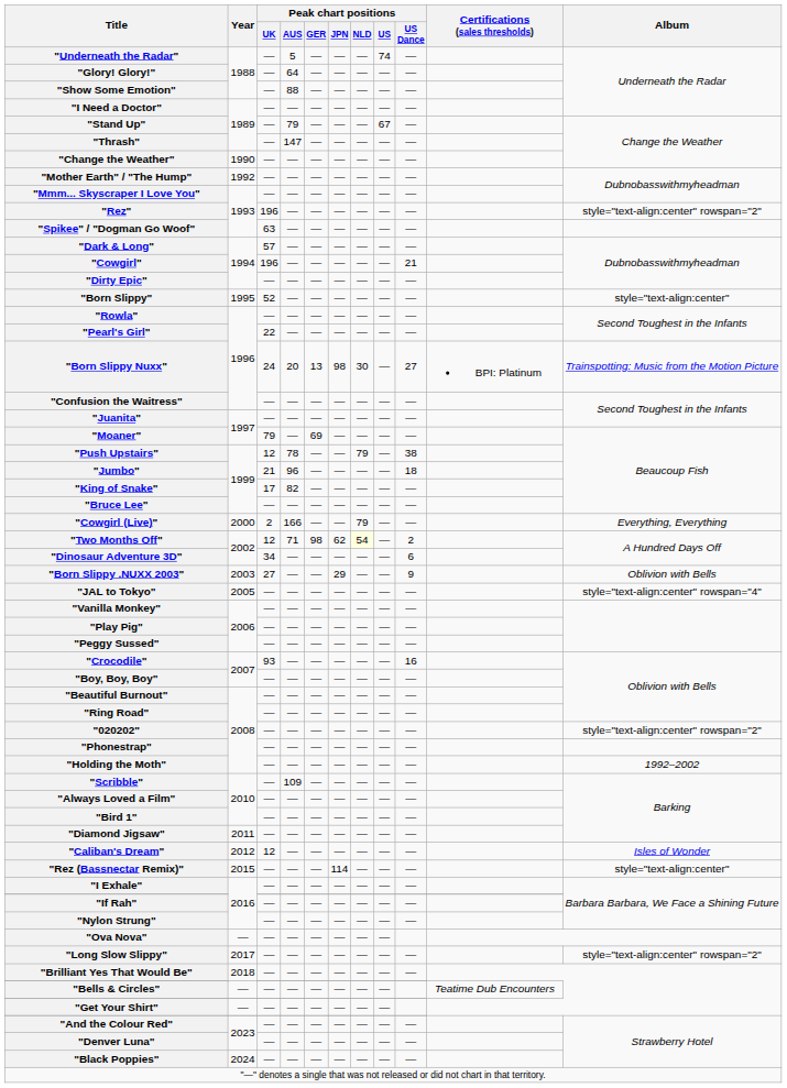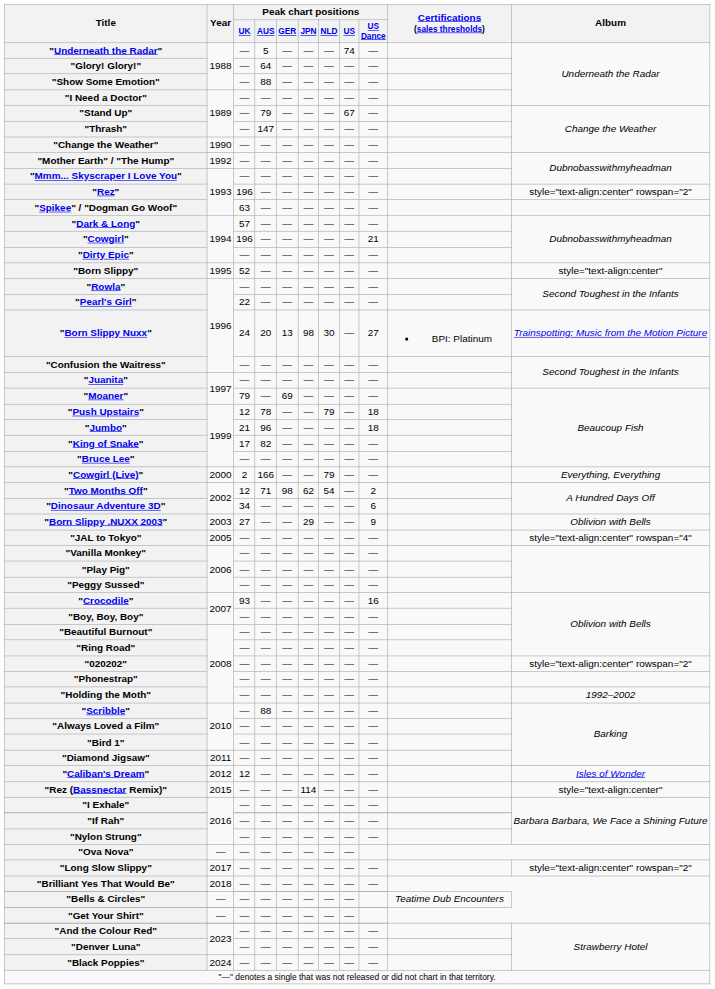 <table class="wikitable plainrowheaders" style="text-align:center;">
 <tr>
 <th scope="col" style="width:20em;" rowspan="2">Title</th>
 <th scope="col" rowspan="2">Year</th>
 <th colspan="7">Peak chart positions</th>
 <th rowspan="2" style="width:12em;"><a href='#'>Certifications</a><br><small>(<a href='#'>sales thresholds</a>)</small></th>
 <th rowspan="2">Album</th>
 </tr>
 <tr style=font-size:smaller>
 <th width="25"><a href='#'>UK</a><br></th>
 <th width="25"><a href='#'>AUS</a><br></th>
 <th width="25"><a href='#'>GER</a><br></th>
 <th width="25"><a href='#'>JPN</a></th>
 <th width="25"><a href='#'>NLD</a><br></th>
 <th width="25"><a href='#'>US</a><br></th>
 <th width="25"><a href='#'>US Dance</a><br></th>
 </tr>
 <tr>
 <th scope="row">"<a href='#'>Underneath the Radar</a>"</th>
 <td rowspan="3">1988</td>
 <td>—</td>
 <td>5</td>
 <td>—</td>
 <td>—</td>
 <td>—</td>
 <td>74</td>
 <td>—</td>
 <td></td>
 <td style="text-align:center" rowspan="4"><em>Underneath the Radar</em></td>
 </tr>
 <tr>
 <th scope="row">"Glory! Glory!"</th>
 <td>—</td>
 <td>64</td>
 <td>—</td>
 <td>—</td>
 <td>—</td>
 <td>—</td>
 <td>—</td>
 <td></td>
 </tr>
 <tr>
 <th scope="row">"Show Some Emotion"</th>
 <td>—</td>
 <td>88</td>
 <td>—</td>
 <td>—</td>
 <td>—</td>
 <td>—</td>
 <td>—</td>
 <td></td>
 </tr>
 <tr>
 <th scope="row">"I Need a Doctor"</th>
 <td style="text-align:center" rowspan="3">1989</td>
 <td>—</td>
 <td>—</td>
 <td>—</td>
 <td>—</td>
 <td>—</td>
 <td>—</td>
 <td>—</td>
 <td></td>
 </tr>
 <tr>
 <th scope="row">"Stand Up"</th>
 <td>—</td>
 <td>79</td>
 <td>—</td>
 <td>—</td>
 <td>—</td>
 <td>67</td>
 <td>—</td>
 <td></td>
 <td style="text-align:center" rowspan="3"><em>Change the Weather</em></td>
 </tr>
 <tr>
 <th scope="row">"Thrash"</th>
 <td>—</td>
 <td>147</td>
 <td>—</td>
 <td>—</td>
 <td>—</td>
 <td>—</td>
 <td>—</td>
 <td></td>
 </tr>
 <tr>
 <th scope="row">"Change the Weather"</th>
 <td>1990</td>
 <td>—</td>
 <td>—</td>
 <td>—</td>
 <td>—</td>
 <td>—</td>
 <td>—</td>
 <td>—</td>
 <td></td>
 </tr>
 <tr>
 <th scope="row">"Mother Earth" / "The Hump"</th>
 <td>1992</td>
 <td>—</td>
 <td>—</td>
 <td>—</td>
 <td>—</td>
 <td>—</td>
 <td>—</td>
 <td>—</td>
 <td></td>
 <td style="text-align:center" rowspan="2"><em>Dubnobasswithmyheadman</em></td>
 </tr>
 <tr>
 <th scope="row">"<a href='#'>Mmm... Skyscraper I Love You</a>"</th>
 <td rowspan="3">1993</td>
 <td>—</td>
 <td>—</td>
 <td>—</td>
 <td>—</td>
 <td>—</td>
 <td>—</td>
 <td>—</td>
 <td></td>
 </tr>
 <tr>
 <th scope="row">"<a href='#'>Rez</a>"</th>
 <td>196</td>
 <td>—</td>
 <td>—</td>
 <td>—</td>
 <td>—</td>
 <td>—</td>
 <td>—</td>
 <td></td>
 <td>style="text-align:center" rowspan="2" </td>
 </tr>
 <tr>
 <th scope="row">"<a href='#'>Spikee</a>" / "Dogman Go Woof"</th>
 <td>63</td>
 <td>—</td>
 <td>—</td>
 <td>—</td>
 <td>—</td>
 <td>—</td>
 <td>—</td>
 <td></td>
 </tr>
 <tr>
 <th scope="row">"<a href='#'>Dark & Long</a>"</th>
 <td rowspan="3">1994</td>
 <td>57</td>
 <td>—</td>
 <td>—</td>
 <td>—</td>
 <td>—</td>
 <td>—</td>
 <td>—</td>
 <td></td>
 <td style="text-align:center" rowspan="3"><em>Dubnobasswithmyheadman</em></td>
 </tr>
 <tr>
 <th scope="row">"<a href='#'>Cowgirl</a>"</th>
 <td>196</td>
 <td>—</td>
 <td>—</td>
 <td>—</td>
 <td>—</td>
 <td>—</td>
 <td>21</td>
 <td></td>
 </tr>
 <tr>
 <th scope="row">"<a href='#'>Dirty Epic</a>"</th>
 <td>—</td>
 <td>—</td>
 <td>—</td>
 <td>—</td>
 <td>—</td>
 <td>—</td>
 <td>—</td>
 <td></td>
 </tr>
 <tr>
 <th scope="row">"Born Slippy"</th>
 <td style="text-align:center">1995</td>
 <td>52</td>
 <td>—</td>
 <td>—</td>
 <td>—</td>
 <td>—</td>
 <td>—</td>
 <td>—</td>
 <td></td>
 <td>style="text-align:center" </td>
 </tr>
 <tr>
 <th scope="row">"<a href='#'>Rowla</a>"</th>
 <td rowspan="4">1996</td>
 <td>—</td>
 <td>—</td>
 <td>—</td>
 <td>—</td>
 <td>—</td>
 <td>—</td>
 <td>—</td>
 <td></td>
 <td style="text-align:center" rowspan="2"><em>Second Toughest in the Infants</em></td>
 </tr>
 <tr>
 <th scope="row">"<a href='#'>Pearl's Girl</a>"</th>
 <td>22</td>
 <td>—</td>
 <td>—</td>
 <td>—</td>
 <td>—</td>
 <td>—</td>
 <td>—</td>
 <td></td>
 </tr>
 <tr>
 <th scope="row">"<a href='#'>Born Slippy Nuxx</a>"</th>
 <td>24</td>
 <td>20</td>
 <td>13</td>
 <td>98</td>
 <td>30</td>
 <td>—</td>
 <td>27</td>
 <td><br><ul><li>BPI: Platinum</li></ul></td>
 <td style="text-align:center"><em><a href='#'>Trainspotting: Music from the Motion Picture</a></em></td>
 </tr>
 <tr>
 <th scope="row">"Confusion the Waitress"</th>
 <td>—</td>
 <td>—</td>
 <td>—</td>
 <td>—</td>
 <td>—</td>
 <td>—</td>
 <td>—</td>
 <td></td>
 <td style="text-align:center" rowspan="2"><em>Second Toughest in the Infants</em></td>
 </tr>
 <tr>
 <th scope="row">"<a href='#'>Juanita</a>"</th>
 <td rowspan="2">1997</td>
 <td>—</td>
 <td>—</td>
 <td>—</td>
 <td>—</td>
 <td>—</td>
 <td>—</td>
 <td>—</td>
 <td></td>
 </tr>
 <tr>
 <th scope="row">"<a href='#'>Moaner</a>"</th>
 <td>79</td>
 <td>—</td>
 <td>69</td>
 <td>—</td>
 <td>—</td>
 <td>—</td>
 <td>—</td>
 <td></td>
 <td style="text-align:center" rowspan="5"><em>Beaucoup Fish</em></td>
 </tr>
 <tr>
 <th scope="row">"<a href='#'>Push Upstairs</a>"</th>
 <td rowspan="4">1999</td>
 <td>12</td>
 <td>78</td>
 <td>—</td>
 <td>—</td>
 <td>79</td>
 <td>—</td>
-<td>38</td>
+<td>18</td>
 <td></td>
 </tr>
 <tr>
 <th scope="row">"<a href='#'>Jumbo</a>"</th>
 <td>21</td>
 <td>96</td>
 <td>—</td>
 <td>—</td>
 <td>—</td>
 <td>—</td>
 <td>18</td>
 <td></td>
 </tr>
 <tr>
 <th scope="row">"<a href='#'>King of Snake</a>"</th>
 <td>17</td>
 <td>82</td>
 <td>—</td>
 <td>—</td>
 <td>—</td>
 <td>—</td>
 <td>—</td>
 <td></td>
 </tr>
 <tr>
 <th scope="row">"<a href='#'>Bruce Lee</a>"</th>
 <td>—</td>
 <td>—</td>
 <td>—</td>
 <td>—</td>
 <td>—</td>
 <td>—</td>
 <td>—</td>
 <td></td>
 </tr>
 <tr>
 <th scope="row">"<a href='#'>Cowgirl (Live)</a>"</th>
 <td>2000</td>
 <td>2</td>
 <td>166</td>
 <td>—</td>
 <td>—</td>
 <td>79</td>
 <td>—</td>
 <td>—</td>
 <td></td>
 <td style="text-align:center"><em>Everything, Everything</em></td>
 </tr>
 <tr>
 <th scope="row">"<a href='#'>Two Months Off</a>"</th>
 <td rowspan="2">2002</td>
 <td>12</td>
 <td>71</td>
 <td>98</td>
 <td>62</td>
-<td style="background: lightyellow;">54</td>
+<td>54</td>
 <td>—</td>
 <td>2</td>
 <td></td>
 <td style="text-align:center" rowspan="2"><em>A Hundred Days Off</em></td>
 </tr>
 <tr>
 <th scope="row">"<a href='#'>Dinosaur Adventure 3D</a>"</th>
 <td>34</td>
 <td>—</td>
 <td>—</td>
 <td>—</td>
 <td>—</td>
 <td>—</td>
 <td>6</td>
 <td></td>
 </tr>
 <tr>
 <th scope="row">"<a href='#'>Born Slippy .NUXX 2003</a>"</th>
 <td>2003</td>
 <td>27</td>
 <td>—</td>
 <td>—</td>
 <td>29</td>
 <td>—</td>
 <td>—</td>
 <td>9</td>
 <td></td>
 <td style="text-align:center"><em>Oblivion with Bells</em></td>
 </tr>
 <tr>
 <th scope="row">"JAL to Tokyo"</th>
 <td>2005</td>
 <td>—</td>
 <td>—</td>
 <td>—</td>
 <td>—</td>
 <td>—</td>
 <td>—</td>
 <td>—</td>
 <td></td>
 <td>style="text-align:center" rowspan="4" </td>
 </tr>
 <tr>
 <th scope="row">"Vanilla Monkey"</th>
 <td rowspan="3">2006</td>
 <td>—</td>
 <td>—</td>
 <td>—</td>
 <td>—</td>
 <td>—</td>
 <td>—</td>
 <td>—</td>
 <td></td>
 </tr>
 <tr>
 <th scope="row">"Play Pig"</th>
 <td>—</td>
 <td>—</td>
 <td>—</td>
 <td>—</td>
 <td>—</td>
 <td>—</td>
 <td>—</td>
 <td></td>
 </tr>
 <tr>
 <th scope="row">"Peggy Sussed"</th>
 <td>—</td>
 <td>—</td>
 <td>—</td>
 <td>—</td>
 <td>—</td>
 <td>—</td>
 <td>—</td>
 <td></td>
 </tr>
 <tr>
 <th scope="row">"<a href='#'>Crocodile</a>"</th>
 <td rowspan="2">2007</td>
 <td>93</td>
 <td>—</td>
 <td>—</td>
 <td>—</td>
 <td>—</td>
 <td>—</td>
 <td>16</td>
 <td></td>
 <td style="text-align:center" rowspan="4"><em>Oblivion with Bells</em></td>
 </tr>
 <tr>
 <th scope="row">"Boy, Boy, Boy"</th>
 <td>—</td>
 <td>—</td>
 <td>—</td>
 <td>—</td>
 <td>—</td>
 <td>—</td>
 <td>—</td>
 <td></td>
 </tr>
 <tr>
 <th scope="row">"Beautiful Burnout"</th>
 <td rowspan="5">2008</td>
 <td>—</td>
 <td>—</td>
 <td>—</td>
 <td>—</td>
 <td>—</td>
 <td>—</td>
 <td>—</td>
 <td></td>
 </tr>
 <tr>
 <th scope="row">"Ring Road"</th>
 <td>—</td>
 <td>—</td>
 <td>—</td>
 <td>—</td>
 <td>—</td>
 <td>—</td>
 <td>—</td>
 <td></td>
 </tr>
 <tr>
 <th scope="row">"020202"</th>
 <td>—</td>
 <td>—</td>
 <td>—</td>
 <td>—</td>
 <td>—</td>
 <td>—</td>
 <td>—</td>
 <td></td>
 <td>style="text-align:center" rowspan="2" </td>
 </tr>
 <tr>
 <th scope="row">"Phonestrap"</th>
 <td>—</td>
 <td>—</td>
 <td>—</td>
 <td>—</td>
 <td>—</td>
 <td>—</td>
 <td>—</td>
 <td></td>
 </tr>
 <tr>
 <th scope="row">"Holding the Moth"</th>
 <td>—</td>
 <td>—</td>
 <td>—</td>
 <td>—</td>
 <td>—</td>
 <td>—</td>
 <td>—</td>
 <td></td>
 <td style="text-align:center"><em>1992–2002</em></td>
 </tr>
 <tr>
 <th scope="row">"<a href='#'>Scribble</a>"</th>
 <td rowspan="3">2010</td>
 <td>—</td>
-<td>109</td>
+<td>88</td>
 <td>—</td>
 <td>—</td>
 <td>—</td>
 <td>—</td>
 <td>—</td>
 <td></td>
 <td style="text-align:center" rowspan="4"><em>Barking</em></td>
 </tr>
 <tr>
 <th scope="row">"Always Loved a Film"</th>
 <td>—</td>
 <td>—</td>
 <td>—</td>
 <td>—</td>
 <td>—</td>
 <td>—</td>
 <td>—</td>
 <td></td>
 </tr>
 <tr>
 <th scope="row">"Bird 1"</th>
 <td>—</td>
 <td>—</td>
 <td>—</td>
 <td>—</td>
 <td>—</td>
 <td>—</td>
 <td>—</td>
 <td></td>
 </tr>
 <tr>
 <th scope="row">"Diamond Jigsaw"</th>
 <td>2011</td>
 <td>—</td>
 <td>—</td>
 <td>—</td>
 <td>—</td>
 <td>—</td>
 <td>—</td>
 <td>—</td>
 <td></td>
 </tr>
 <tr>
 <th scope="row">"<a href='#'>Caliban's Dream</a>"</th>
 <td>2012</td>
 <td>12</td>
 <td>—</td>
 <td>—</td>
 <td>—</td>
 <td>—</td>
 <td>—</td>
 <td>—</td>
 <td></td>
 <td style="text-align:center"><em><a href='#'>Isles of Wonder</a></em></td>
 </tr>
 <tr>
 <th scope="row">"Rez (<a href='#'>Bassnectar</a> Remix)"</th>
 <td>2015</td>
 <td>—</td>
 <td>—</td>
 <td>—</td>
 <td>114</td>
 <td>—</td>
 <td>—</td>
 <td>—</td>
 <td></td>
 <td>style="text-align:center" </td>
 </tr>
 <tr>
 <th scope="row">"I Exhale"</th>
 <td style="text-align:center" rowspan="4">2016</td>
 <td>—</td>
 <td>—</td>
 <td>—</td>
 <td>—</td>
 <td>—</td>
 <td>—</td>
 <td>—</td>
 <td></td>
 <td style="text-align:center" rowspan="4"><em>Barbara Barbara, We Face a Shining Future</em></td>
 </tr>
 <tr>
 </tr>
 <tr>
 <th scope="row">"If Rah"</th>
 <td>—</td>
 <td>—</td>
 <td>—</td>
 <td>—</td>
 <td>—</td>
 <td>—</td>
 <td>—</td>
 <td></td>
 </tr>
 <tr>
 <th scope="row">"Nylon Strung"</th>
 <td>—</td>
 <td>—</td>
 <td>—</td>
 <td>—</td>
 <td>—</td>
 <td>—</td>
 <td>—</td>
 <td></td>
 </tr>
 <tr>
 <th scope="row">"Ova Nova"</th>
 <td>—</td>
 <td>—</td>
 <td>—</td>
 <td>—</td>
 <td>—</td>
 <td>—</td>
 <td>—</td>
 <td></td>
 </tr>
 <tr>
 <th scope="row">"Long Slow Slippy"</th>
 <td style="text-align:center">2017</td>
 <td>—</td>
 <td>—</td>
 <td>—</td>
 <td>—</td>
 <td>—</td>
 <td>—</td>
 <td>—</td>
 <td></td>
 <td>style="text-align:center" rowspan="2" </td>
 </tr>
 <tr>
 <th scope="row">"Brilliant Yes That Would Be"</th>
 <td style="text-align:center" rowspan="3">2018</td>
 <td>—</td>
 <td>—</td>
 <td>—</td>
 <td>—</td>
 <td>—</td>
 <td>—</td>
 <td>—</td>
 </tr>
 <tr>
 </tr>
 <tr>
 </tr>
 <tr>
 <th scope="row">"Bells & Circles"</th>
 <td>—</td>
 <td>—</td>
 <td>—</td>
 <td>—</td>
 <td>—</td>
 <td>—</td>
 <td>—</td>
 <td></td>
 <td style="text-align:center" rowspan="2"><em>Teatime Dub Encounters</em></td>
 </tr>
 <tr>
 </tr>
 <tr>
 <th scope="row">"Get Your Shirt"</th>
 <td>—</td>
 <td>—</td>
 <td>—</td>
 <td>—</td>
 <td>—</td>
 <td>—</td>
 <td>—</td>
 <td></td>
 </tr>
 <tr>
 </tr>
 <tr>
 <th scope="row">"And the Colour Red"</th>
 <td rowspan="2">2023</td>
 <td>—</td>
 <td>—</td>
 <td>—</td>
 <td>—</td>
 <td>—</td>
 <td>—</td>
 <td>—</td>
 <td></td>
 <td style="text-align:center" rowspan="3"><em>Strawberry Hotel</em></td>
 </tr>
 <tr>
 <th scope="row">"Denver Luna"</th>
 <td>—</td>
 <td>—</td>
 <td>—</td>
 <td>—</td>
 <td>—</td>
 <td>—</td>
 <td>—</td>
 <td></td>
 </tr>
 <tr>
 <th scope="row">"Black Poppies"</th>
 <td>2024</td>
 <td>—</td>
 <td>—</td>
 <td>—</td>
 <td>—</td>
 <td>—</td>
 <td>—</td>
 <td>—</td>
 <td></td>
 </tr>
 <tr>
 <td colspan="15" style="font-size: 85%">"—" denotes a single that was not released or did not chart in that territory.</td>
 </tr>
 </table>
